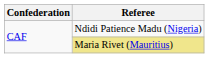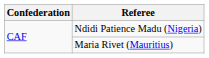 <table class="wikitable">
 <tr>
 <th>Confederation</th>
 <th>Referee</th>
 </tr>
 <tr>
 <td rowspan="2"><a href='#'>CAF</a></td>
 <td>Ndidi Patience Madu (<a href='#'>Nigeria</a>)</td>
 </tr>
 <tr>
-<td style="background: khaki;">Maria Rivet (<a href='#'>Mauritius</a>)</td>
+<td>Maria Rivet (<a href='#'>Mauritius</a>)</td>
 </tr>
 </table>
